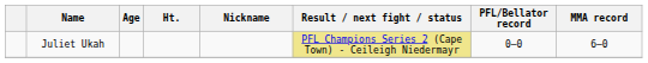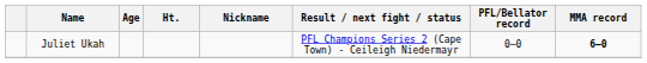 <table class="wikitable sortable" style="text-align:center">
 <tr>
 <th width=3%></th>
 <th width=13%>Name</th>
 <th width=3%>Age</th>
 <th width=8%>Ht.</th>
 <th width=13%>Nickname</th>
 <th width=25%>Result / next fight / status</th>
 <th width="12%">PFL/Bellator record</th>
 <th width="12%">MMA record</th>
 </tr>
 <tr>
 <td></td>
 <td>Juliet Ukah</td>
 <td></td>
 <td></td>
 <td></td>
-<td style="background: khaki;"><a href='#'>PFL Champions Series 2</a> (Cape Town) - Ceileigh Niedermayr</td>
+<td><a href='#'>PFL Champions Series 2</a> (Cape Town) - Ceileigh Niedermayr</td>
 <td>0–0</td>
-<td>6–0</td>
+<td><strong>6–0</strong></td>
 </tr>
 <tr>
 </tr>
 </table>
